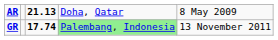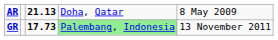 <table class="wikitable" style="font-size:95%; position:relative;">
 <tr>
 <td align=center><strong><a href='#'>AR</a></strong></td>
 <td></td>
 <td><strong>21.13</strong></td>
 <td><a href='#'>Doha</a>, <a href='#'>Qatar</a></td>
 <td>8 May 2009</td>
 </tr>
 <tr>
 <td align=center><strong><a href='#'>GR</a></strong></td>
 <td></td>
-<td><strong>17.74</strong></td>
+<td><strong>17.73</strong></td>
 <td style="background: lightgreen;"><a href='#'>Palembang</a>, <a href='#'>Indonesia</a></td>
 <td>13 November 2011</td>
 </tr>
 </table>
